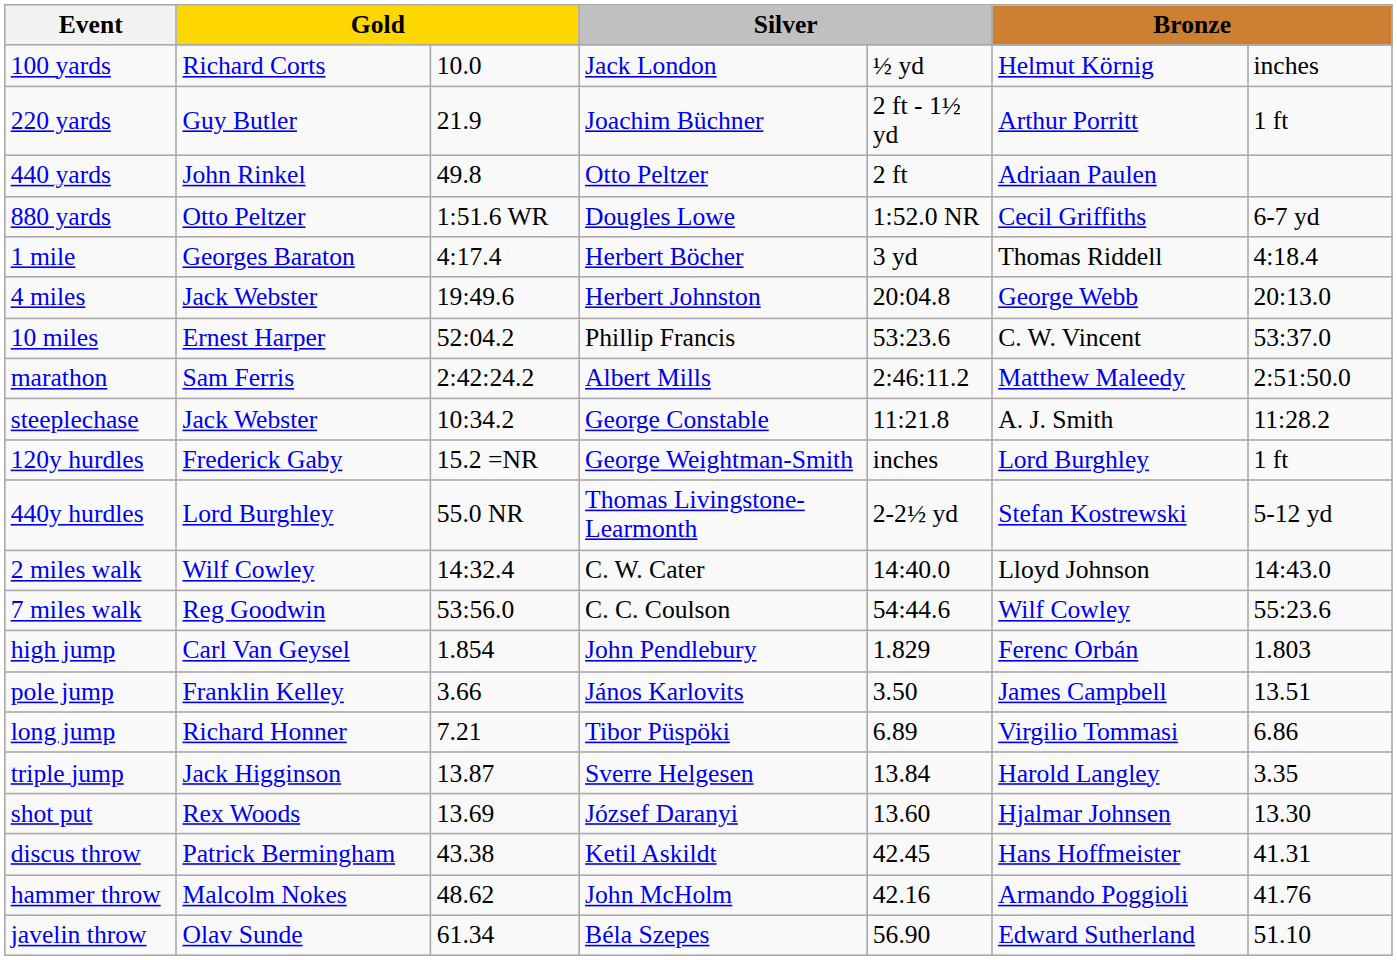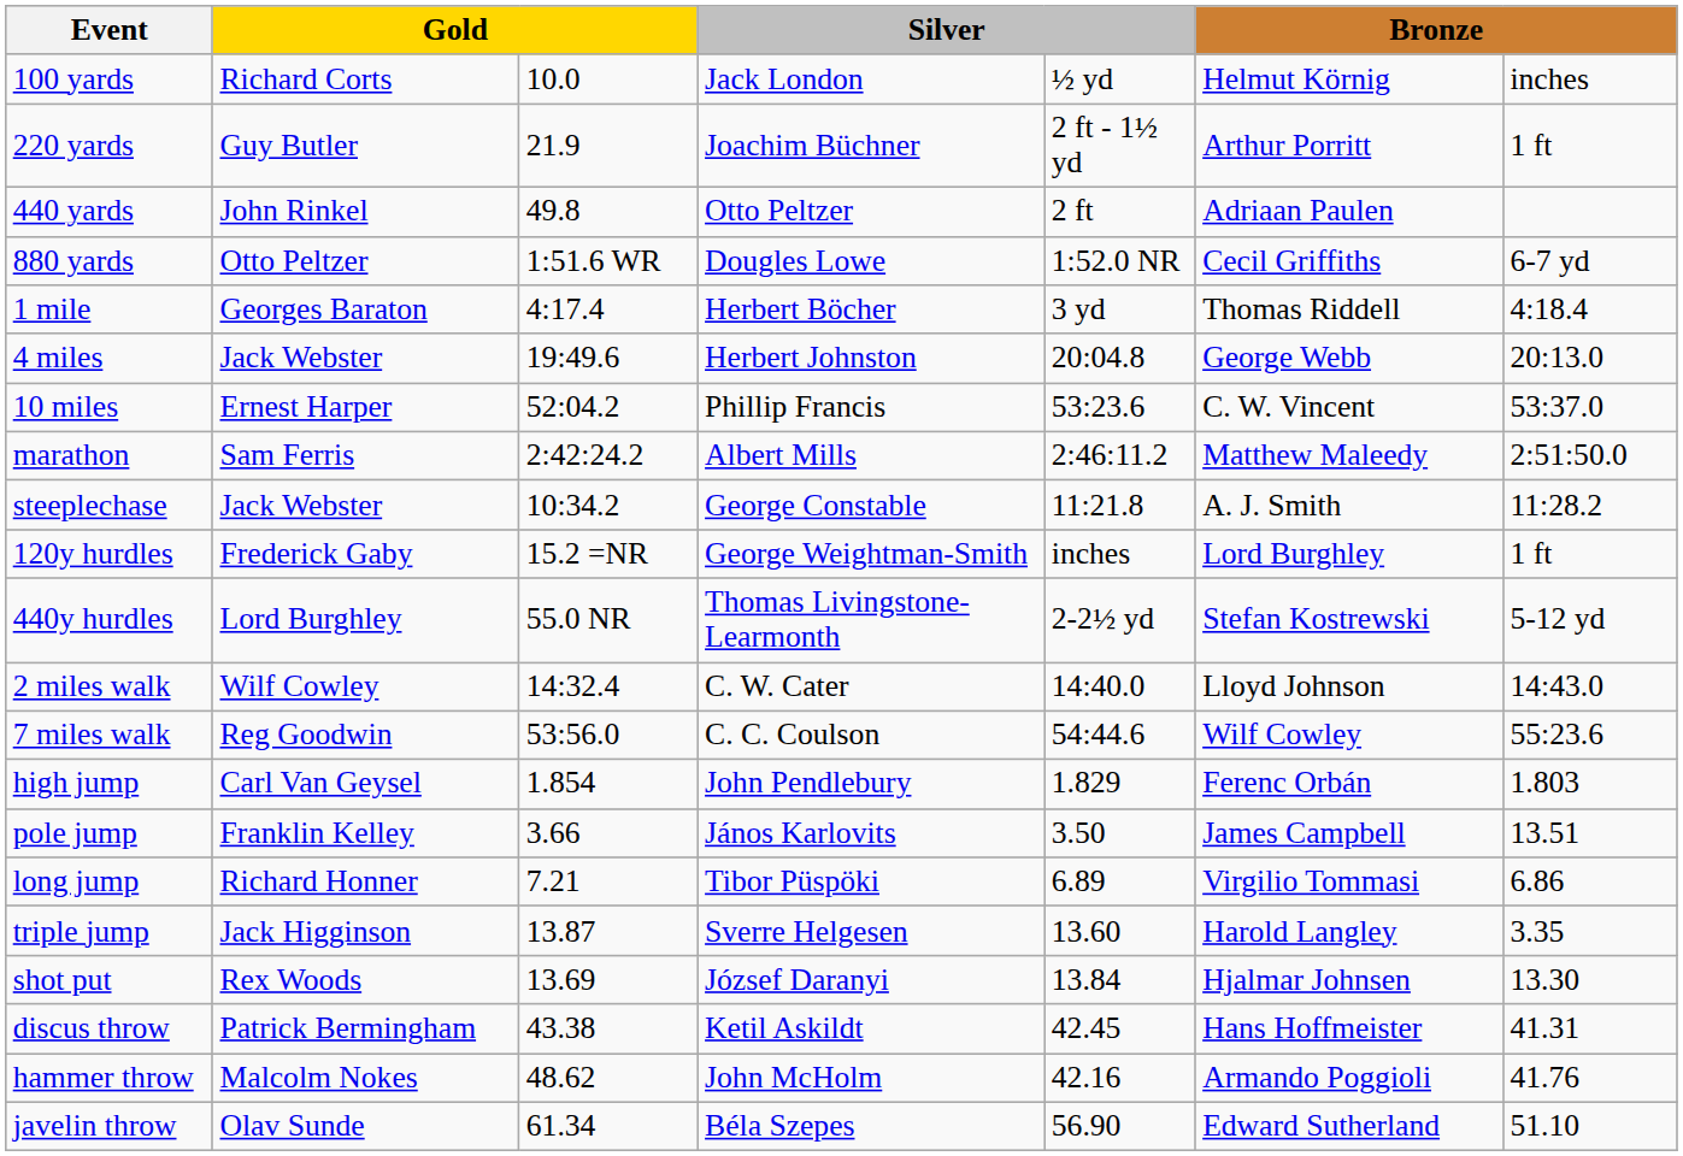 <table class="wikitable" style="text-align:left">
 <tr>
 <th width=100>Event</th>
 <th colspan="2" width="280" style="background:gold;">Gold</th>
 <th colspan="2" width="280" style="background:silver;">Silver</th>
 <th colspan="2" width="280" style="background:#CD7F32;">Bronze</th>
 </tr>
 <tr>
 <td><a href='#'>100 yards</a></td>
 <td> <a href='#'>Richard Corts</a></td>
 <td>10.0</td>
 <td><a href='#'>Jack London</a></td>
 <td>½ yd</td>
 <td> <a href='#'>Helmut Körnig</a></td>
 <td>inches</td>
 </tr>
 <tr>
 <td><a href='#'>220 yards</a></td>
 <td><a href='#'>Guy Butler</a></td>
 <td>21.9</td>
 <td> <a href='#'>Joachim Büchner</a></td>
 <td>2 ft - 1½ yd</td>
 <td> <a href='#'>Arthur Porritt</a></td>
 <td>1 ft</td>
 </tr>
 <tr>
 <td><a href='#'>440 yards</a></td>
 <td><a href='#'>John Rinkel</a></td>
 <td>49.8</td>
 <td> <a href='#'>Otto Peltzer</a></td>
 <td>2 ft</td>
 <td> <a href='#'>Adriaan Paulen</a></td>
 <td></td>
 </tr>
 <tr>
 <td><a href='#'>880 yards</a></td>
 <td> <a href='#'>Otto Peltzer</a></td>
 <td>1:51.6 WR</td>
 <td><a href='#'>Dougles Lowe</a></td>
 <td>1:52.0 NR</td>
 <td> <a href='#'>Cecil Griffiths</a></td>
 <td>6-7 yd</td>
 </tr>
 <tr>
 <td><a href='#'>1 mile</a></td>
 <td> <a href='#'>Georges Baraton</a></td>
 <td>4:17.4</td>
 <td> <a href='#'>Herbert Böcher</a></td>
 <td>3 yd</td>
 <td> Thomas Riddell</td>
 <td>4:18.4</td>
 </tr>
 <tr>
 <td><a href='#'>4 miles</a></td>
 <td><a href='#'>Jack Webster</a></td>
 <td>19:49.6</td>
 <td><a href='#'>Herbert Johnston</a></td>
 <td>20:04.8</td>
 <td><a href='#'>George Webb</a></td>
 <td>20:13.0</td>
 </tr>
 <tr>
 <td><a href='#'>10 miles</a></td>
 <td><a href='#'>Ernest Harper</a></td>
 <td>52:04.2</td>
 <td>Phillip Francis</td>
 <td>53:23.6</td>
 <td>C. W. Vincent</td>
 <td>53:37.0</td>
 </tr>
 <tr>
 <td><a href='#'>marathon</a></td>
 <td> <a href='#'>Sam Ferris</a></td>
 <td>2:42:24.2</td>
 <td><a href='#'>Albert Mills</a></td>
 <td>2:46:11.2</td>
 <td><a href='#'>Matthew Maleedy</a></td>
 <td>2:51:50.0</td>
 </tr>
 <tr>
 <td><a href='#'>steeplechase</a></td>
 <td><a href='#'>Jack Webster</a></td>
 <td>10:34.2</td>
 <td><a href='#'>George Constable</a></td>
 <td>11:21.8</td>
 <td>A. J. Smith</td>
 <td>11:28.2</td>
 </tr>
 <tr>
 <td><a href='#'>120y hurdles</a></td>
 <td><a href='#'>Frederick Gaby</a></td>
 <td>15.2 =NR</td>
 <td> <a href='#'>George Weightman-Smith</a></td>
 <td>inches</td>
 <td><a href='#'>Lord Burghley</a></td>
 <td>1 ft</td>
 </tr>
 <tr>
 <td><a href='#'>440y hurdles</a></td>
 <td><a href='#'>Lord Burghley</a></td>
 <td>55.0 NR</td>
 <td> <a href='#'>Thomas Livingstone-Learmonth</a></td>
 <td>2-2½ yd</td>
 <td> <a href='#'>Stefan Kostrewski</a></td>
 <td>5-12 yd</td>
 </tr>
 <tr>
 <td><a href='#'>2 miles walk</a></td>
 <td><a href='#'>Wilf Cowley</a></td>
 <td>14:32.4</td>
 <td>C. W. Cater</td>
 <td>14:40.0</td>
 <td>Lloyd Johnson</td>
 <td>14:43.0</td>
 </tr>
 <tr>
 <td><a href='#'>7 miles walk</a></td>
 <td><a href='#'>Reg Goodwin</a></td>
 <td>53:56.0</td>
 <td>C. C. Coulson</td>
 <td>54:44.6</td>
 <td><a href='#'>Wilf Cowley</a></td>
 <td>55:23.6</td>
 </tr>
 <tr>
 <td><a href='#'>high jump</a></td>
 <td> <a href='#'>Carl Van Geysel</a></td>
 <td>1.854</td>
 <td><a href='#'>John Pendlebury</a></td>
 <td>1.829</td>
 <td> <a href='#'>Ferenc Orbán</a></td>
 <td>1.803</td>
 </tr>
 <tr>
 <td><a href='#'>pole jump</a></td>
 <td> <a href='#'>Franklin Kelley</a></td>
 <td>3.66</td>
 <td> <a href='#'>János Karlovits</a></td>
 <td>3.50</td>
 <td><a href='#'>James Campbell</a></td>
 <td>13.51</td>
 </tr>
 <tr>
 <td><a href='#'>long jump</a></td>
 <td> <a href='#'>Richard Honner</a></td>
 <td>7.21</td>
 <td> <a href='#'>Tibor Püspöki</a></td>
 <td>6.89</td>
 <td> <a href='#'>Virgilio Tommasi</a></td>
 <td>6.86</td>
 </tr>
 <tr>
 <td><a href='#'>triple jump</a></td>
 <td><a href='#'>Jack Higginson</a></td>
 <td>13.87</td>
 <td> <a href='#'>Sverre Helgesen</a></td>
-<td>13.84</td>
+<td>13.60</td>
 <td><a href='#'>Harold Langley</a></td>
 <td>3.35</td>
 </tr>
 <tr>
 <td><a href='#'>shot put</a></td>
 <td><a href='#'>Rex Woods</a></td>
 <td>13.69</td>
 <td> <a href='#'>József Daranyi</a></td>
-<td>13.60</td>
+<td>13.84</td>
 <td> <a href='#'>Hjalmar Johnsen</a></td>
 <td>13.30</td>
 </tr>
 <tr>
 <td><a href='#'>discus throw</a></td>
 <td> <a href='#'>Patrick Bermingham</a></td>
 <td>43.38</td>
 <td> <a href='#'>Ketil Askildt</a></td>
 <td>42.45</td>
 <td> <a href='#'>Hans Hoffmeister</a></td>
 <td>41.31</td>
 </tr>
 <tr>
 <td><a href='#'>hammer throw</a></td>
 <td><a href='#'>Malcolm Nokes</a></td>
 <td>48.62</td>
 <td> <a href='#'>John McHolm</a></td>
 <td>42.16</td>
 <td> <a href='#'>Armando Poggioli</a></td>
 <td>41.76</td>
 </tr>
 <tr>
 <td><a href='#'>javelin throw</a></td>
 <td> <a href='#'>Olav Sunde</a></td>
 <td>61.34</td>
 <td> <a href='#'>Béla Szepes</a></td>
 <td>56.90</td>
 <td> <a href='#'>Edward Sutherland</a></td>
 <td>51.10</td>
 </tr>
 </table>
